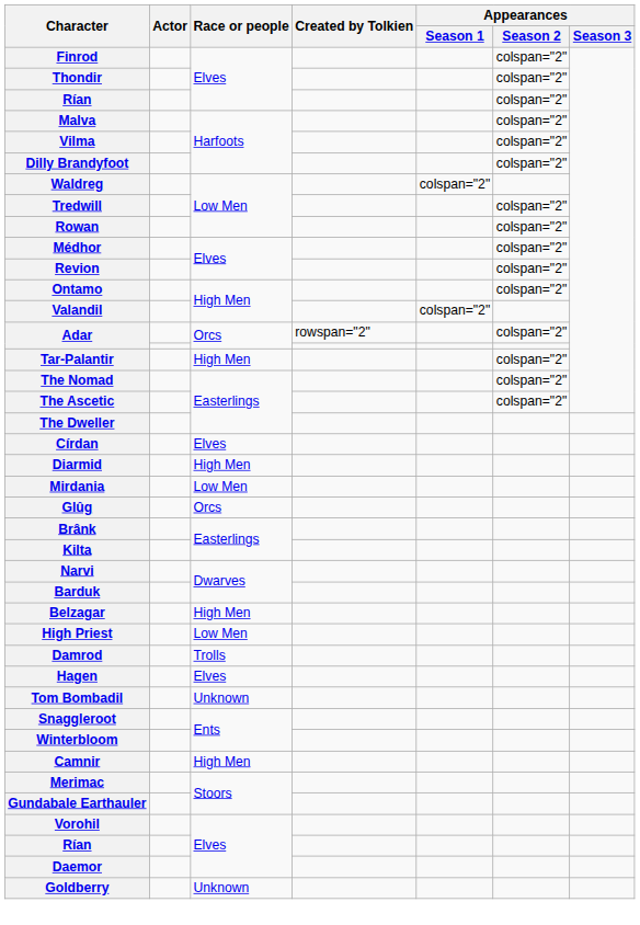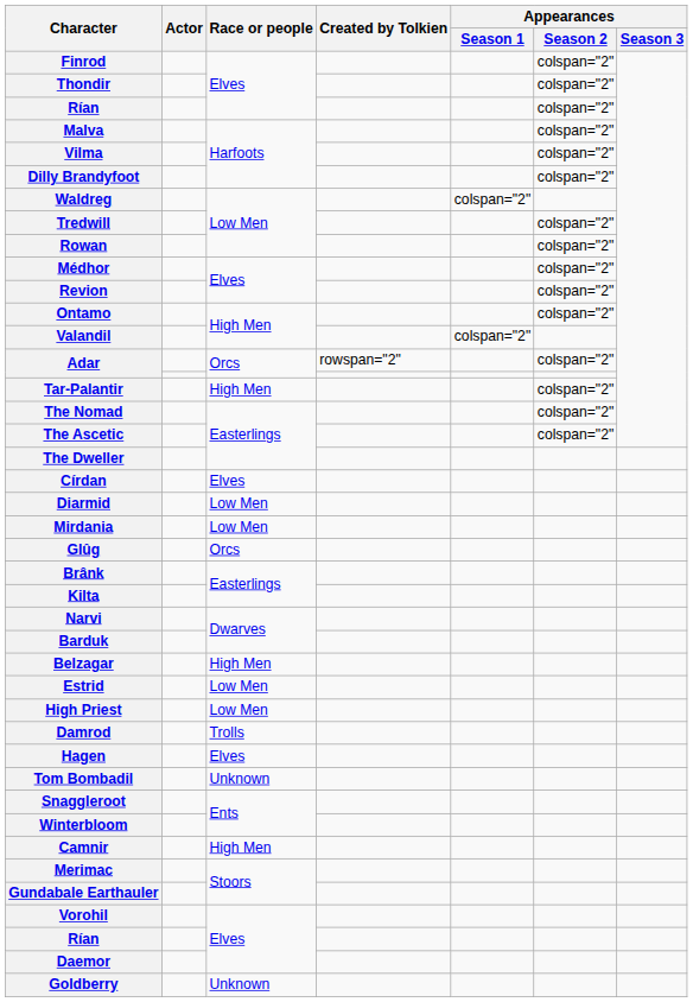 <table class="wikitable sortable defaultcenter col1left col2left plainrowheaders">
 <tr>
 <th scope="col" rowspan="2">Character</th>
 <th scope="col" rowspan="2">Actor</th>
 <th scope="col" rowspan="2">Race or people</th>
 <th scope="col" rowspan="2">Created by Tolkien</th>
 <th scope="colgroup" colspan="3">Appearances</th>
 </tr>
 <tr>
 <th scope="col"><a href='#'>Season 1</a></th>
 <th scope="col"><a href='#'>Season 2</a></th>
 <th scope="col"><a href='#'>Season 3</a></th>
 </tr>
 <tr>
 <th scope="row"><a href='#'>Finrod</a></th>
 <td></td>
 <td rowspan="3"><a href='#'>Elves</a></td>
 <td></td>
 <td></td>
 <td>colspan="2" </td>
 </tr>
 <tr>
 <th scope="row"><a href='#'>Thondir</a></th>
 <td></td>
 <td></td>
 <td></td>
 <td>colspan="2" </td>
 </tr>
 <tr>
 <th scope="row"><a href='#'>Rían</a></th>
 <td></td>
 <td></td>
 <td></td>
 <td>colspan="2" </td>
 </tr>
 <tr>
 <th scope="row"><a href='#'>Malva</a></th>
 <td></td>
 <td rowspan="3"><a href='#'>Harfoots</a></td>
 <td></td>
 <td></td>
 <td>colspan="2" </td>
 </tr>
 <tr>
 <th scope="row"><a href='#'>Vilma</a></th>
 <td></td>
 <td></td>
 <td></td>
 <td>colspan="2" </td>
 </tr>
 <tr>
 <th scope="row"><a href='#'>Dilly Brandyfoot</a></th>
 <td></td>
 <td></td>
 <td></td>
 <td>colspan="2" </td>
 </tr>
 <tr>
 <th scope="row"><a href='#'>Waldreg</a></th>
 <td></td>
 <td rowspan="3"><a href='#'>Low Men</a></td>
 <td></td>
 <td>colspan="2" </td>
 <td></td>
 </tr>
 <tr>
 <th scope="row"><a href='#'>Tredwill</a></th>
 <td></td>
 <td></td>
 <td></td>
 <td>colspan="2" </td>
 </tr>
 <tr>
 <th scope="row"><a href='#'>Rowan</a></th>
 <td></td>
 <td></td>
 <td></td>
 <td>colspan="2" </td>
 </tr>
 <tr>
 <th scope="row"><a href='#'>Médhor</a></th>
 <td></td>
 <td rowspan="2"><a href='#'>Elves</a></td>
 <td></td>
 <td></td>
 <td>colspan="2" </td>
 </tr>
 <tr>
 <th scope="row"><a href='#'>Revion</a></th>
 <td></td>
 <td></td>
 <td></td>
 <td>colspan="2" </td>
 </tr>
 <tr>
 <th scope="row"><a href='#'>Ontamo</a></th>
 <td></td>
 <td rowspan="2"><a href='#'>High Men</a></td>
 <td></td>
 <td></td>
 <td>colspan="2" </td>
 </tr>
 <tr>
 <th scope="row"><a href='#'>Valandil</a></th>
 <td></td>
 <td></td>
 <td>colspan="2" </td>
 <td></td>
 </tr>
 <tr>
 <th scope="row" rowspan="2"><a href='#'>Adar</a></th>
 <td></td>
 <td rowspan="2"><a href='#'>Orcs</a></td>
 <td>rowspan="2" </td>
 <td></td>
 <td>colspan="2" </td>
 </tr>
 <tr>
 <td></td>
 <td></td>
 <td></td>
 <td></td>
 </tr>
 <tr>
 <th scope="row"><a href='#'>Tar-Palantir</a></th>
 <td></td>
 <td><a href='#'>High Men</a></td>
 <td></td>
 <td></td>
 <td>colspan="2" </td>
 </tr>
 <tr>
 <th scope="row"><a href='#'>The Nomad</a></th>
 <td></td>
 <td rowspan="3"><a href='#'>Easterlings</a></td>
 <td></td>
 <td></td>
 <td>colspan="2" </td>
 </tr>
 <tr>
 <th scope="row"><a href='#'>The Ascetic</a></th>
 <td></td>
 <td></td>
 <td></td>
 <td>colspan="2" </td>
 </tr>
 <tr>
 <th scope="row"><a href='#'>The Dweller</a></th>
 <td></td>
 <td></td>
 <td></td>
 <td></td>
 <td></td>
 </tr>
 <tr>
 <th scope="row"><a href='#'>Círdan</a></th>
 <td></td>
 <td><a href='#'>Elves</a></td>
 <td></td>
 <td></td>
 <td></td>
 <td></td>
 </tr>
 <tr>
 <th scope="row"><a href='#'>Diarmid</a></th>
 <td></td>
-<td><a href='#'>High Men</a></td>
+<td><a href='#'>Low Men</a></td>
 <td></td>
 <td></td>
 <td></td>
 <td></td>
 </tr>
 <tr>
 <th scope="row"><a href='#'>Mirdania</a></th>
 <td></td>
 <td><a href='#'>Low Men</a></td>
 <td></td>
 <td></td>
 <td></td>
 <td></td>
 </tr>
 <tr>
 <th scope="row"><a href='#'>Glûg</a></th>
 <td></td>
 <td><a href='#'>Orcs</a></td>
 <td></td>
 <td></td>
 <td></td>
 <td></td>
 </tr>
 <tr>
 <th scope="row"><a href='#'>Brânk</a></th>
 <td></td>
 <td rowspan="2"><a href='#'>Easterlings</a></td>
 <td></td>
 <td></td>
 <td></td>
 <td></td>
 </tr>
 <tr>
 <th scope="row"><a href='#'>Kilta</a></th>
 <td></td>
 <td></td>
 <td></td>
 <td></td>
 <td></td>
 </tr>
 <tr>
 <th scope="row"><a href='#'>Narvi</a></th>
 <td></td>
 <td rowspan="2"><a href='#'>Dwarves</a></td>
 <td></td>
 <td></td>
 <td></td>
 <td></td>
 </tr>
 <tr>
 <th scope="row"><a href='#'>Barduk</a></th>
 <td></td>
 <td></td>
 <td></td>
 <td></td>
 <td></td>
 </tr>
 <tr>
 <th scope="row"><a href='#'>Belzagar</a></th>
 <td></td>
 <td><a href='#'>High Men</a></td>
+<td></td>
+<td></td>
+<td></td>
+<td></td>
+</tr>
+<tr>
+<th scope="row"><a href='#'>Estrid</a></th>
+<td></td>
+<td><a href='#'>Low Men</a></td>
 <td></td>
 <td></td>
 <td></td>
 <td></td>
 </tr>
 <tr>
 <th scope="row"><a href='#'>High Priest</a></th>
 <td></td>
 <td><a href='#'>Low Men</a></td>
 <td></td>
 <td></td>
 <td></td>
 <td></td>
 </tr>
 <tr>
 <th scope="row"><a href='#'>Damrod</a></th>
 <td></td>
 <td><a href='#'>Trolls</a></td>
 <td></td>
 <td></td>
 <td></td>
 <td></td>
 </tr>
 <tr>
 <th scope="row"><a href='#'>Hagen</a></th>
 <td></td>
 <td><a href='#'>Elves</a></td>
 <td></td>
 <td></td>
 <td></td>
 <td></td>
 </tr>
 <tr>
 <th scope="row"><a href='#'>Tom Bombadil</a></th>
 <td></td>
 <td><a href='#'>Unknown</a></td>
 <td></td>
 <td></td>
 <td></td>
 <td></td>
 </tr>
 <tr>
 <th scope="row"><a href='#'>Snaggleroot</a></th>
 <td></td>
 <td rowspan="2"><a href='#'>Ents</a></td>
 <td></td>
 <td></td>
 <td></td>
 <td></td>
 </tr>
 <tr>
 <th scope="row"><a href='#'>Winterbloom</a></th>
 <td></td>
 <td></td>
 <td></td>
 <td></td>
 <td></td>
 </tr>
 <tr>
 <th scope="row"><a href='#'>Camnir</a></th>
 <td></td>
 <td><a href='#'>High Men</a></td>
 <td></td>
 <td></td>
 <td></td>
 <td></td>
 </tr>
 <tr>
 <th scope="row"><a href='#'>Merimac</a></th>
 <td></td>
 <td rowspan="2"><a href='#'>Stoors</a></td>
 <td></td>
 <td></td>
 <td></td>
 <td></td>
 </tr>
 <tr>
 <th scope="row"><a href='#'>Gundabale Earthauler</a></th>
 <td></td>
 <td></td>
 <td></td>
 <td></td>
 <td></td>
 </tr>
 <tr>
 <th scope="row"><a href='#'>Vorohil</a></th>
 <td></td>
 <td rowspan="3"><a href='#'>Elves</a></td>
 <td></td>
 <td></td>
 <td></td>
 <td></td>
 </tr>
 <tr>
 <th scope="row"><a href='#'>Rían</a></th>
 <td></td>
 <td></td>
 <td></td>
 <td></td>
 <td></td>
 </tr>
 <tr>
 <th scope="row"><a href='#'>Daemor</a></th>
 <td></td>
 <td></td>
 <td></td>
 <td></td>
 <td></td>
 </tr>
 <tr>
 <th scope="row"><a href='#'>Goldberry</a></th>
 <td></td>
 <td><a href='#'>Unknown</a></td>
 <td></td>
 <td></td>
 <td></td>
 <td></td>
 </tr>
 </table>
